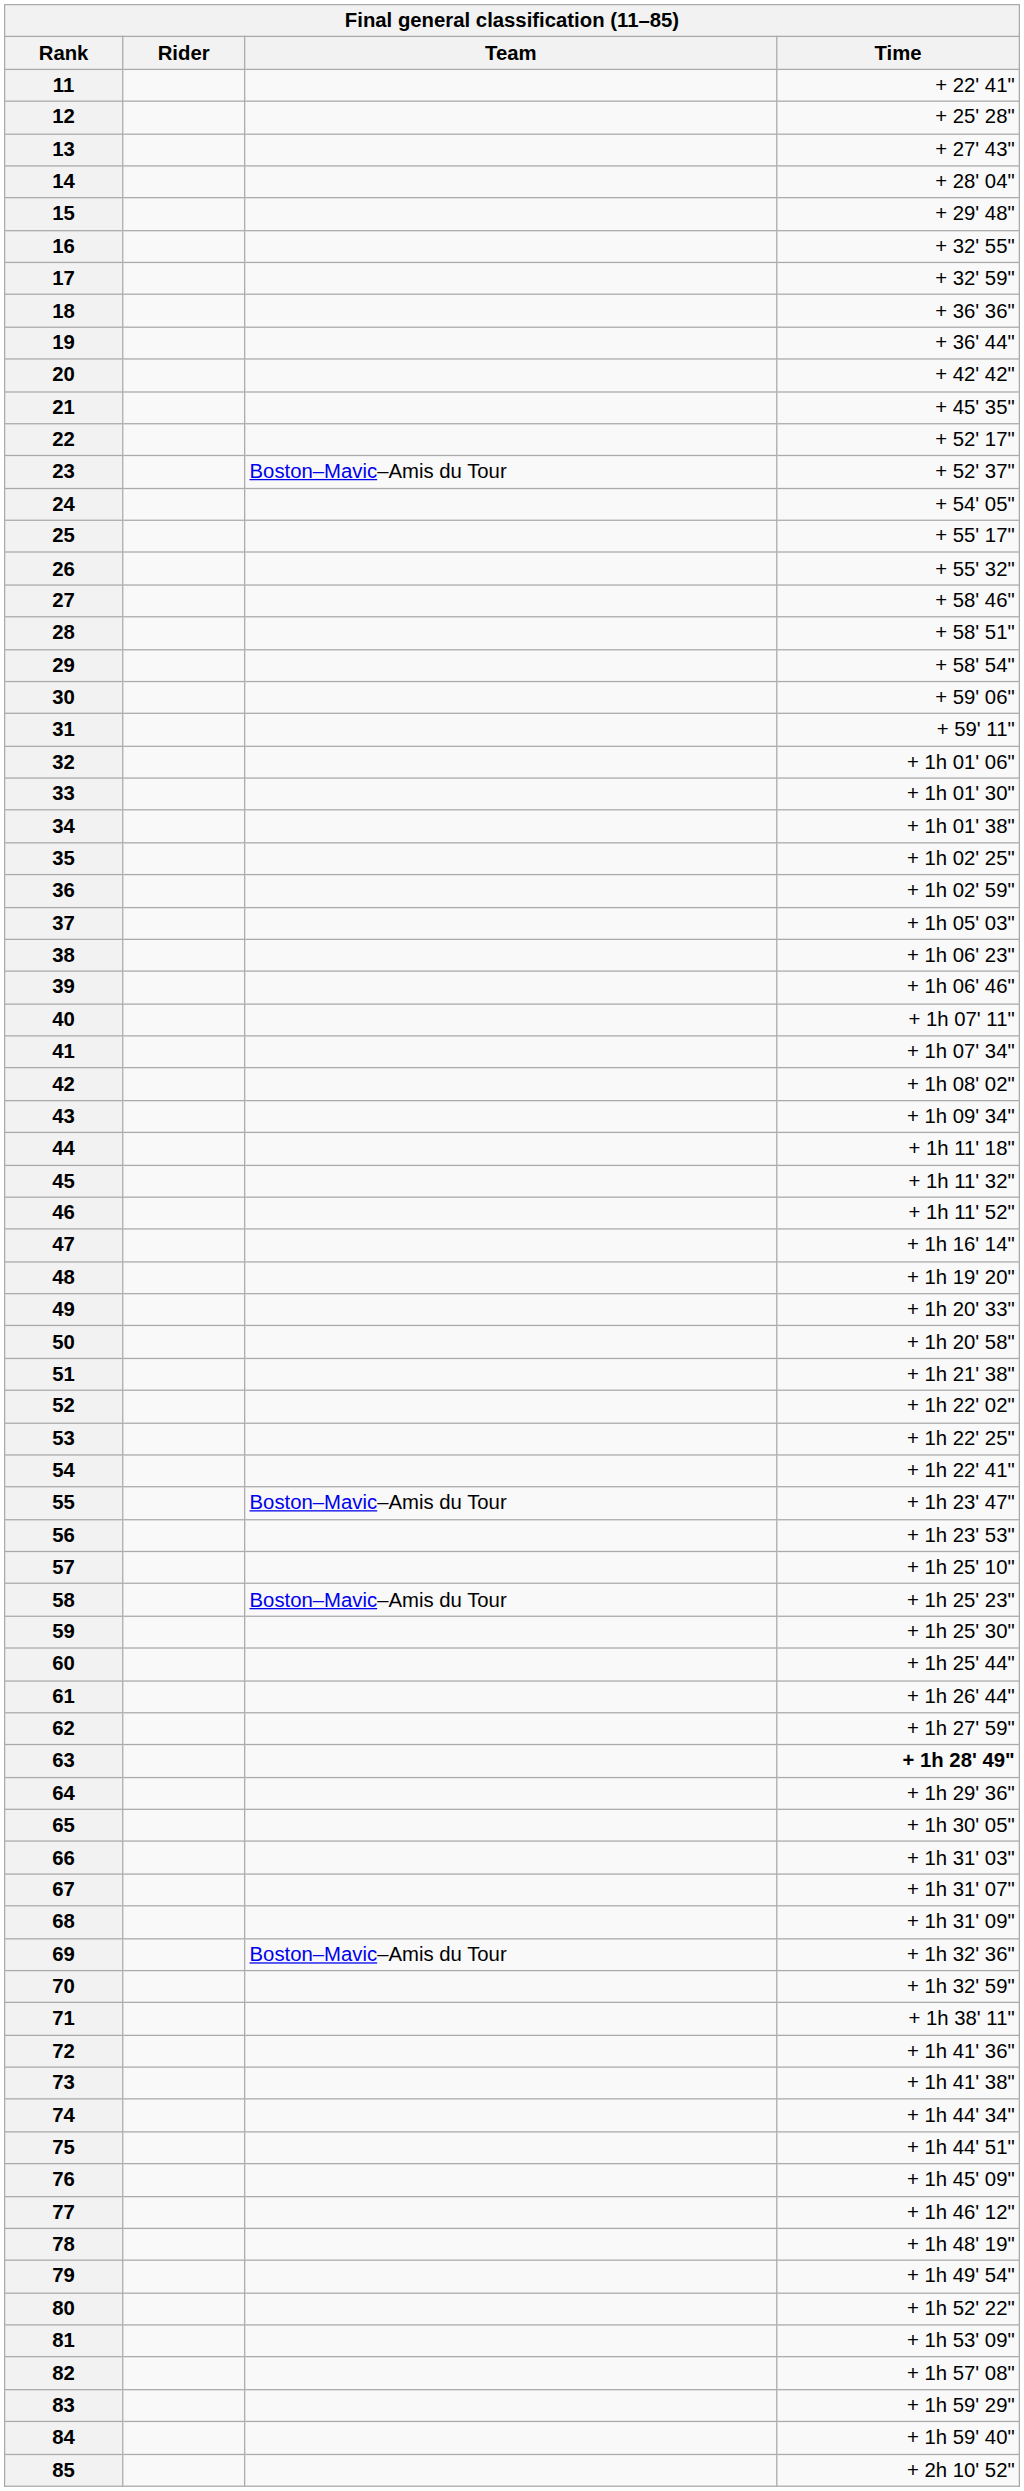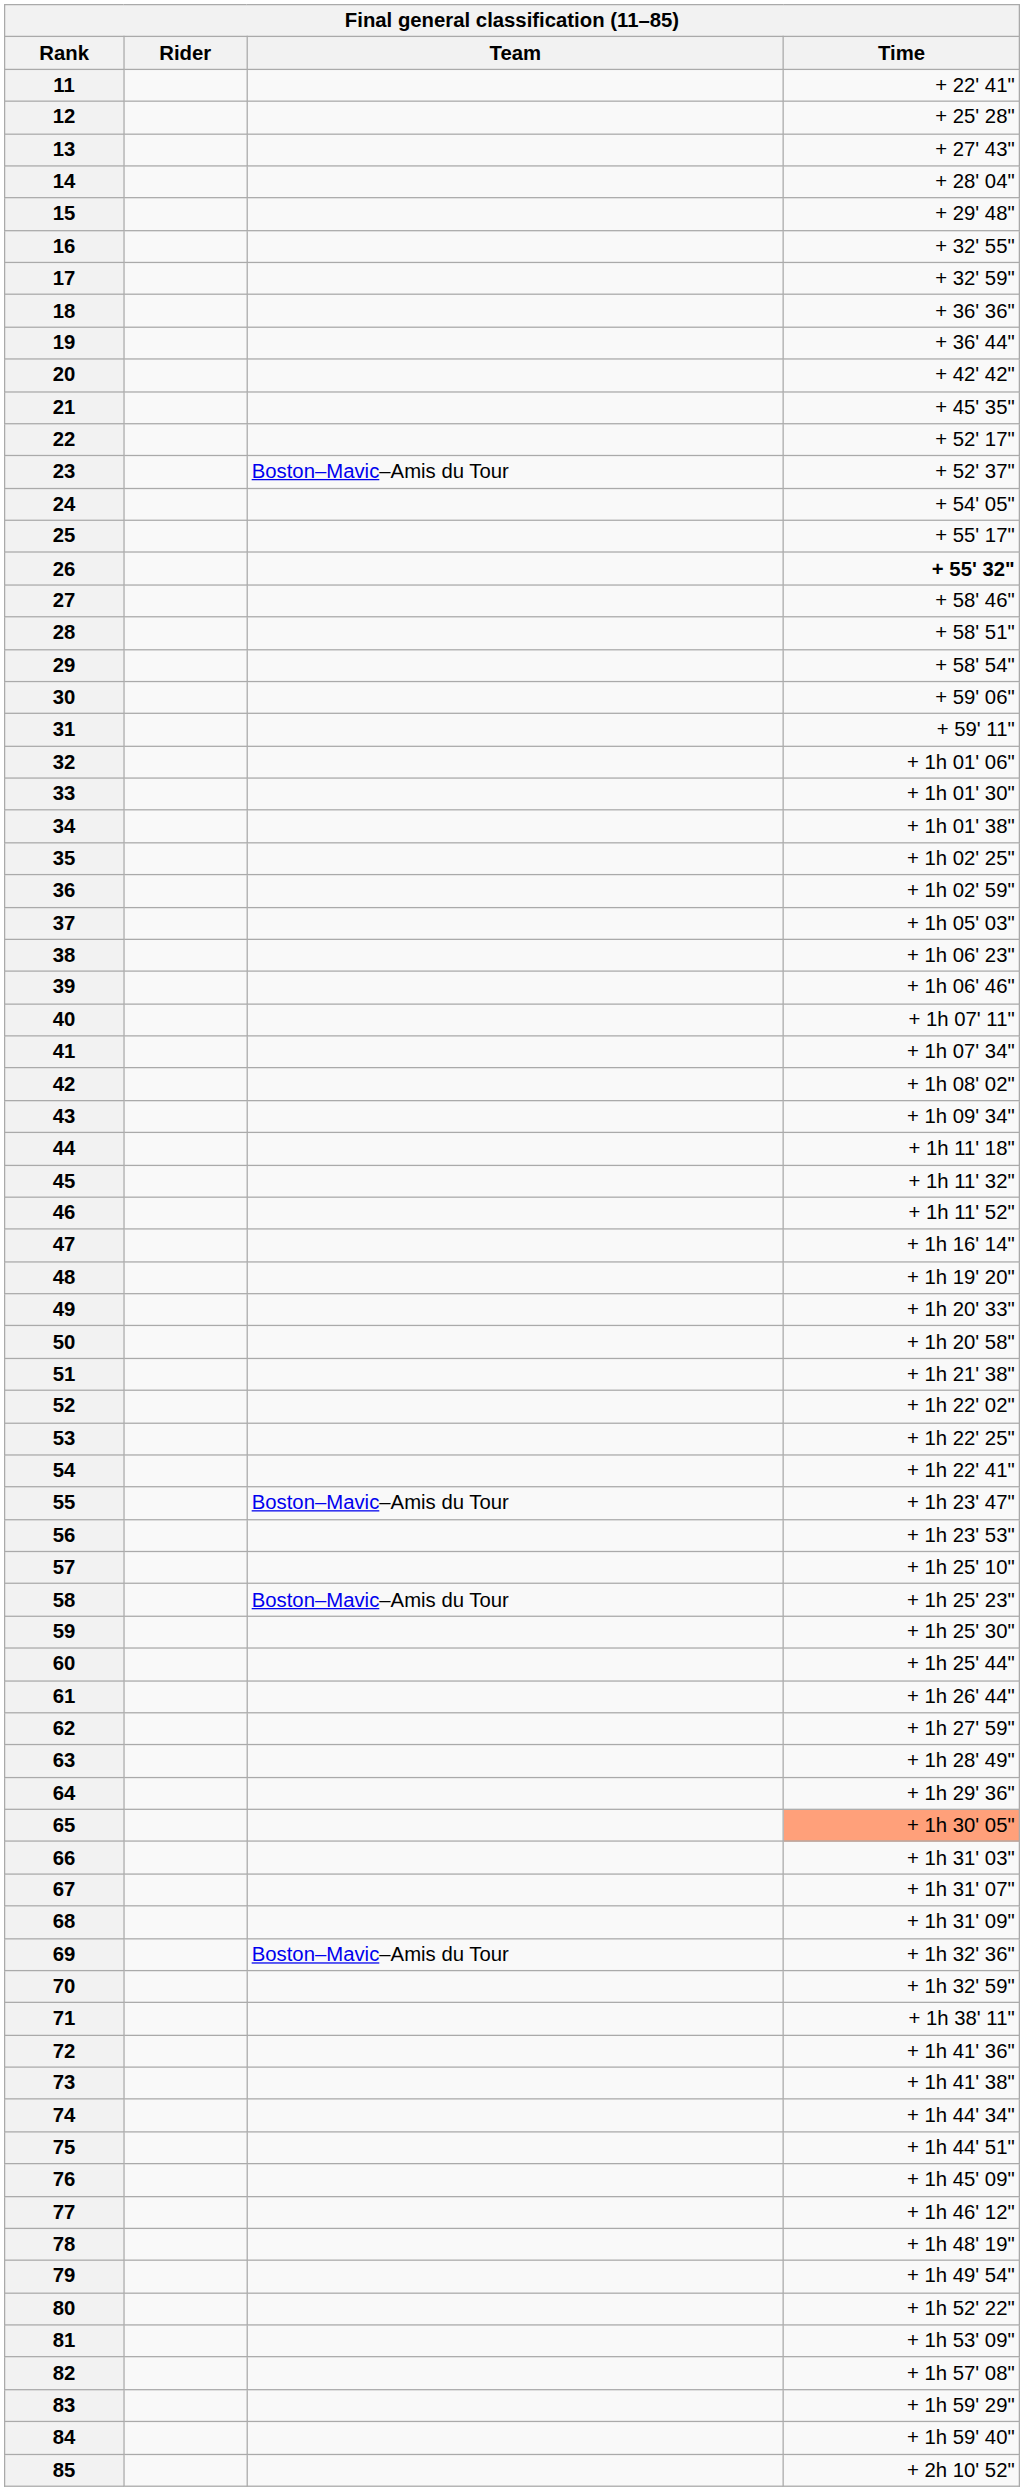 <table class="collapsible collapsed wikitable" style="width:50em;margin-top:-1px;">
 <tr>
 <th scope="col" colspan="4">Final general classification (11–85)</th>
 </tr>
 <tr>
 <th scope="col">Rank</th>
 <th scope="col">Rider</th>
 <th scope="col">Team</th>
 <th scope="col">Time</th>
 </tr>
 <tr |->
 <th scope="row">11</th>
 <td></td>
 <td></td>
 <td style="text-align:right;">+ 22' 41"</td>
 </tr>
 <tr>
 <th scope="row">12</th>
 <td> </td>
 <td></td>
 <td style="text-align:right;">+ 25' 28"</td>
 </tr>
 <tr>
 <th scope="row">13</th>
 <td></td>
 <td></td>
 <td style="text-align:right;">+ 27' 43"</td>
 </tr>
 <tr>
 <th scope="row">14</th>
 <td></td>
 <td></td>
 <td style="text-align:right;">+ 28' 04"</td>
 </tr>
 <tr>
 <th scope="row">15</th>
 <td></td>
 <td></td>
 <td style="text-align:right;">+ 29' 48"</td>
 </tr>
 <tr>
 <th scope="row">16</th>
 <td></td>
 <td></td>
 <td style="text-align:right;">+ 32' 55"</td>
 </tr>
 <tr>
 <th scope="row">17</th>
 <td></td>
 <td></td>
 <td style="text-align:right;">+ 32' 59"</td>
 </tr>
 <tr>
 <th scope="row">18</th>
 <td></td>
 <td></td>
 <td style="text-align:right;">+ 36' 36"</td>
 </tr>
 <tr>
 <th scope="row">19</th>
 <td></td>
 <td></td>
 <td style="text-align:right;">+ 36' 44"</td>
 </tr>
 <tr>
 <th scope="row">20</th>
 <td></td>
 <td></td>
 <td style="text-align:right;">+ 42' 42"</td>
 </tr>
 <tr>
 <th scope="row">21</th>
 <td></td>
 <td></td>
 <td style="text-align:right;">+ 45' 35"</td>
 </tr>
 <tr>
 <th scope="row">22</th>
 <td></td>
 <td></td>
 <td style="text-align:right;">+ 52' 17"</td>
 </tr>
 <tr>
 <th scope="row">23</th>
 <td></td>
 <td><a href='#'>Boston–Mavic</a>–Amis du Tour</td>
 <td style="text-align:right;">+ 52' 37"</td>
 </tr>
 <tr>
 <th scope="row">24</th>
 <td></td>
 <td></td>
 <td style="text-align:right;">+ 54' 05"</td>
 </tr>
 <tr>
 <th scope="row">25</th>
 <td></td>
 <td></td>
 <td style="text-align:right;">+ 55' 17"</td>
 </tr>
 <tr>
 <th scope="row">26</th>
 <td></td>
 <td></td>
-<td style="text-align:right;">+ 55' 32"</td>
+<td style="text-align:right;"><strong>+ 55' 32"</strong></td>
 </tr>
 <tr>
 <th scope="row">27</th>
 <td></td>
 <td></td>
 <td style="text-align:right;">+ 58' 46"</td>
 </tr>
 <tr>
 <th scope="row">28</th>
 <td></td>
 <td></td>
 <td style="text-align:right;">+ 58' 51"</td>
 </tr>
 <tr>
 <th scope="row">29</th>
 <td></td>
 <td></td>
 <td style="text-align:right;">+ 58' 54"</td>
 </tr>
 <tr>
 <th scope="row">30</th>
 <td></td>
 <td></td>
 <td style="text-align:right;">+ 59' 06"</td>
 </tr>
 <tr>
 <th scope="row">31</th>
 <td></td>
 <td></td>
 <td style="text-align:right;">+ 59' 11"</td>
 </tr>
 <tr>
 <th scope="row">32</th>
 <td></td>
 <td></td>
 <td style="text-align:right;">+ 1h 01' 06"</td>
 </tr>
 <tr>
 <th scope="row">33</th>
 <td></td>
 <td></td>
 <td style="text-align:right;">+ 1h 01' 30"</td>
 </tr>
 <tr>
 <th scope="row">34</th>
 <td></td>
 <td></td>
 <td style="text-align:right;">+ 1h 01' 38"</td>
 </tr>
 <tr>
 <th scope="row">35</th>
 <td></td>
 <td></td>
 <td style="text-align:right;">+ 1h 02' 25"</td>
 </tr>
 <tr>
 <th scope="row">36</th>
 <td></td>
 <td></td>
 <td style="text-align:right;">+ 1h 02' 59"</td>
 </tr>
 <tr>
 <th scope="row">37</th>
 <td></td>
 <td></td>
 <td style="text-align:right;">+ 1h 05' 03"</td>
 </tr>
 <tr>
 <th scope="row">38</th>
 <td></td>
 <td></td>
 <td style="text-align:right;">+ 1h 06' 23"</td>
 </tr>
 <tr>
 <th scope="row">39</th>
 <td></td>
 <td></td>
 <td style="text-align:right;">+ 1h 06' 46"</td>
 </tr>
 <tr>
 <th scope="row">40</th>
 <td></td>
 <td></td>
 <td style="text-align:right;">+ 1h 07' 11"</td>
 </tr>
 <tr>
 <th scope="row">41</th>
 <td></td>
 <td></td>
 <td style="text-align:right;">+ 1h 07' 34"</td>
 </tr>
 <tr>
 <th scope="row">42</th>
 <td> </td>
 <td></td>
 <td style="text-align:right;">+ 1h 08' 02"</td>
 </tr>
 <tr>
 <th scope="row">43</th>
 <td></td>
 <td></td>
 <td style="text-align:right;">+ 1h 09' 34"</td>
 </tr>
 <tr>
 <th scope="row">44</th>
 <td></td>
 <td></td>
 <td style="text-align:right;">+ 1h 11' 18"</td>
 </tr>
 <tr>
 <th scope="row">45</th>
 <td></td>
 <td></td>
 <td style="text-align:right;">+ 1h 11' 32"</td>
 </tr>
 <tr>
 <th scope="row">46</th>
 <td></td>
 <td></td>
 <td style="text-align:right;">+ 1h 11' 52"</td>
 </tr>
 <tr>
 <th scope="row">47</th>
 <td></td>
 <td></td>
 <td style="text-align:right;">+ 1h 16' 14"</td>
 </tr>
 <tr>
 <th scope="row">48</th>
 <td></td>
 <td></td>
 <td style="text-align:right;">+ 1h 19' 20"</td>
 </tr>
 <tr>
 <th scope="row">49</th>
 <td></td>
 <td></td>
 <td style="text-align:right;">+ 1h 20' 33"</td>
 </tr>
 <tr>
 <th scope="row">50</th>
 <td></td>
 <td></td>
 <td style="text-align:right;">+ 1h 20' 58"</td>
 </tr>
 <tr>
 <th scope="row">51</th>
 <td></td>
 <td></td>
 <td style="text-align:right;">+ 1h 21' 38"</td>
 </tr>
 <tr>
 <th scope="row">52</th>
 <td></td>
 <td></td>
 <td style="text-align:right;">+ 1h 22' 02"</td>
 </tr>
 <tr>
 <th scope="row">53</th>
 <td></td>
 <td></td>
 <td style="text-align:right;">+ 1h 22' 25"</td>
 </tr>
 <tr>
 <th scope="row">54</th>
 <td></td>
 <td></td>
 <td style="text-align:right;">+ 1h 22' 41"</td>
 </tr>
 <tr>
 <th scope="row">55</th>
 <td></td>
 <td><a href='#'>Boston–Mavic</a>–Amis du Tour</td>
 <td style="text-align:right;">+ 1h 23' 47"</td>
 </tr>
 <tr>
 <th scope="row">56</th>
 <td></td>
 <td></td>
 <td style="text-align:right;">+ 1h 23' 53"</td>
 </tr>
 <tr>
 <th scope="row">57</th>
 <td></td>
 <td></td>
 <td style="text-align:right;">+ 1h 25' 10"</td>
 </tr>
 <tr>
 <th scope="row">58</th>
 <td></td>
 <td><a href='#'>Boston–Mavic</a>–Amis du Tour</td>
 <td style="text-align:right;">+ 1h 25' 23"</td>
 </tr>
 <tr>
 <th scope="row">59</th>
 <td></td>
 <td></td>
 <td style="text-align:right;">+ 1h 25' 30"</td>
 </tr>
 <tr>
 <th scope="row">60</th>
 <td></td>
 <td></td>
 <td style="text-align:right;">+ 1h 25' 44"</td>
 </tr>
 <tr>
 <th scope="row">61</th>
 <td></td>
 <td></td>
 <td style="text-align:right;">+ 1h 26' 44"</td>
 </tr>
 <tr>
 <th scope="row">62</th>
 <td></td>
 <td></td>
 <td style="text-align:right;">+ 1h 27' 59"</td>
 </tr>
 <tr>
 <th scope="row">63</th>
 <td></td>
 <td></td>
-<td style="text-align:right;"><strong>+ 1h 28' 49"</strong></td>
+<td style="text-align:right;">+ 1h 28' 49"</td>
 </tr>
 <tr>
 <th scope="row">64</th>
 <td></td>
 <td></td>
 <td style="text-align:right;">+ 1h 29' 36"</td>
 </tr>
 <tr>
 <th scope="row">65</th>
 <td></td>
 <td></td>
-<td style="text-align:right;">+ 1h 30' 05"</td>
+<td style="background: lightsalmon; text-align:right;">+ 1h 30' 05"</td>
 </tr>
 <tr>
 <th scope="row">66</th>
 <td></td>
 <td></td>
 <td style="text-align:right;">+ 1h 31' 03"</td>
 </tr>
 <tr>
 <th scope="row">67</th>
 <td></td>
 <td></td>
 <td style="text-align:right;">+ 1h 31' 07"</td>
 </tr>
 <tr>
 <th scope="row">68</th>
 <td></td>
 <td></td>
 <td style="text-align:right;">+ 1h 31' 09"</td>
 </tr>
 <tr>
 <th scope="row">69</th>
 <td></td>
 <td><a href='#'>Boston–Mavic</a>–Amis du Tour</td>
 <td style="text-align:right;">+ 1h 32' 36"</td>
 </tr>
 <tr>
 <th scope="row">70</th>
 <td></td>
 <td></td>
 <td style="text-align:right;">+ 1h 32' 59"</td>
 </tr>
 <tr>
 <th scope="row">71</th>
 <td></td>
 <td></td>
 <td style="text-align:right;">+ 1h 38' 11"</td>
 </tr>
 <tr>
 <th scope="row">72</th>
 <td></td>
 <td></td>
 <td style="text-align:right;">+ 1h 41' 36"</td>
 </tr>
 <tr>
 <th scope="row">73</th>
 <td></td>
 <td></td>
 <td style="text-align:right;">+ 1h 41' 38"</td>
 </tr>
 <tr>
 <th scope="row">74</th>
 <td></td>
 <td></td>
 <td style="text-align:right;">+ 1h 44' 34"</td>
 </tr>
 <tr>
 <th scope="row">75</th>
 <td></td>
 <td></td>
 <td style="text-align:right;">+ 1h 44' 51"</td>
 </tr>
 <tr>
 <th scope="row">76</th>
 <td></td>
 <td></td>
 <td style="text-align:right;">+ 1h 45' 09"</td>
 </tr>
 <tr>
 <th scope="row">77</th>
 <td></td>
 <td></td>
 <td style="text-align:right;">+ 1h 46' 12"</td>
 </tr>
 <tr>
 <th scope="row">78</th>
 <td></td>
 <td></td>
 <td style="text-align:right;">+ 1h 48' 19"</td>
 </tr>
 <tr>
 <th scope="row">79</th>
 <td></td>
 <td></td>
 <td style="text-align:right;">+ 1h 49' 54"</td>
 </tr>
 <tr>
 <th scope="row">80</th>
 <td></td>
 <td></td>
 <td style="text-align:right;">+ 1h 52' 22"</td>
 </tr>
 <tr>
 <th scope="row">81</th>
 <td></td>
 <td></td>
 <td style="text-align:right;">+ 1h 53' 09"</td>
 </tr>
 <tr>
 <th scope="row">82</th>
 <td></td>
 <td></td>
 <td style="text-align:right;">+ 1h 57' 08"</td>
 </tr>
 <tr>
 <th scope="row">83</th>
 <td></td>
 <td></td>
 <td style="text-align:right;">+ 1h 59' 29"</td>
 </tr>
 <tr>
 <th scope="row">84</th>
 <td></td>
 <td></td>
 <td style="text-align:right;">+ 1h 59' 40"</td>
 </tr>
 <tr>
 <th scope="row">85</th>
 <td></td>
 <td></td>
 <td style="text-align:right;">+ 2h 10' 52"</td>
 </tr>
 </table>
